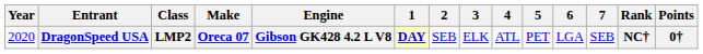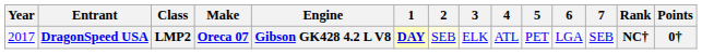 <table class="wikitable" style="text-align:center; font-size:85%">
 <tr>
 <th>Year</th>
 <th>Entrant</th>
 <th>Class</th>
 <th>Make</th>
 <th>Engine</th>
 <th>1</th>
 <th>2</th>
 <th>3</th>
 <th>4</th>
 <th>5</th>
 <th>6</th>
 <th>7</th>
 <th>Rank</th>
 <th>Points</th>
 </tr>
 <tr>
-<td><a href='#'>2020</a></td>
+<td><a href='#'>2017</a></td>
 <th nowrap><a href='#'>DragonSpeed USA</a></th>
 <th>LMP2</th>
 <th nowrap><a href='#'>Oreca 07</a></th>
 <th nowrap><a href='#'>Gibson</a> GK428 4.2 L V8</th>
 <td style="background:#FFFFBF;"><strong><a href='#'>DAY</a><br></strong></td>
-<td><a href='#'>SEB</a></td>
+<td style="background: lightyellow;"><a href='#'>SEB</a></td>
 <td><a href='#'>ELK</a></td>
 <td><a href='#'>ATL</a></td>
 <td><a href='#'>PET</a></td>
 <td><a href='#'>LGA</a></td>
 <td><a href='#'>SEB</a></td>
 <th>NC†</th>
 <th>0†</th>
 </tr>
 </table>
